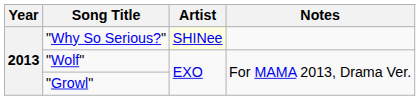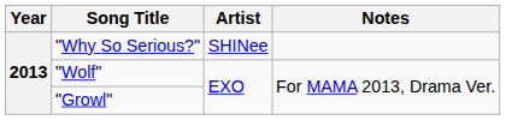 <table class="wikitable plainrowheaders">
 <tr>
 <th scope="col">Year</th>
 <th scope="col">Song Title</th>
 <th scope="col">Artist</th>
 <th scope="col">Notes</th>
 </tr>
 <tr>
 <th scope="row" rowspan="3">2013</th>
 <td>"<a href='#'>Why So Serious?</a>"</td>
-<td style="background: lightyellow;"><a href='#'>SHINee</a></td>
+<td><a href='#'>SHINee</a></td>
 <td></td>
 </tr>
 <tr>
 <td>"<a href='#'>Wolf</a>"</td>
 <td rowspan="2"><a href='#'>EXO</a></td>
 <td rowspan="2">For <a href='#'>MAMA</a> 2013, Drama Ver.</td>
 </tr>
 <tr>
 <td>"<a href='#'>Growl</a>"</td>
 </tr>
 </table>
